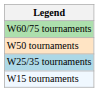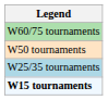 <table class="wikitable" style="font-size:85%">
 <tr>
 <th>Legend</th>
 </tr>
 <tr style="background:#addfad;">
 <td>W60/75 tournaments</td>
 </tr>
 <tr style="background:#ffe4c4;">
 <td>W50 tournaments</td>
 </tr>
 <tr style="background:lightblue;">
 <td>W25/35 tournaments</td>
 </tr>
 <tr style="background:#f0f8ff;">
-<td>W15 tournaments</td>
+<td><strong>W15 tournaments</strong></td>
 </tr>
 </table>
